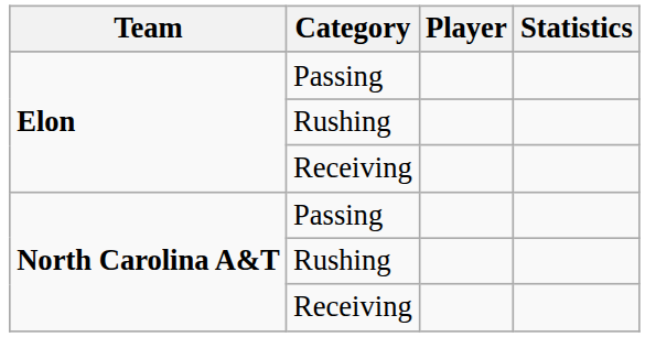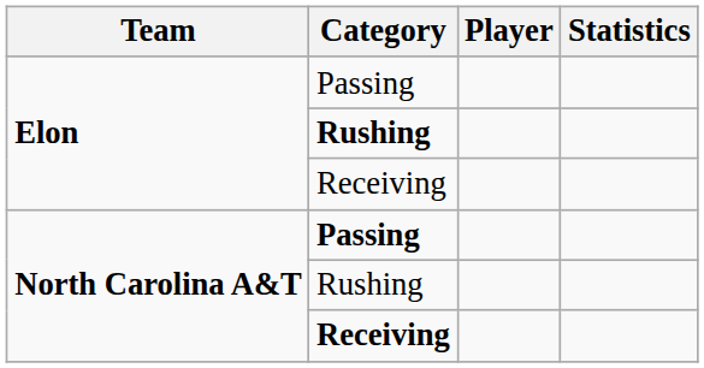 <table class="wikitable" style="float: right;">
 <tr>
 <th>Team</th>
 <th>Category</th>
 <th>Player</th>
 <th>Statistics</th>
 </tr>
 <tr>
 <td rowspan=3><strong>Elon</strong></td>
 <td>Passing</td>
 <td></td>
 <td></td>
 </tr>
 <tr>
-<td>Rushing</td>
+<td><strong>Rushing</strong></td>
 <td></td>
 <td></td>
 </tr>
 <tr>
 <td>Receiving</td>
 <td></td>
 <td></td>
 </tr>
 <tr>
 <td rowspan=3><strong>North Carolina A&T</strong></td>
-<td>Passing</td>
+<td><strong>Passing</strong></td>
 <td></td>
 <td></td>
 </tr>
 <tr>
 <td>Rushing</td>
 <td></td>
 <td></td>
 </tr>
 <tr>
-<td>Receiving</td>
+<td><strong>Receiving</strong></td>
 <td></td>
 <td></td>
 </tr>
 </table>
